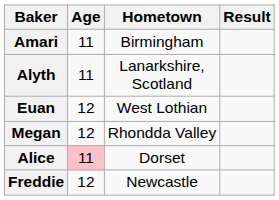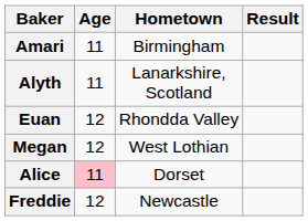 <table class="wikitable sortable" style="display:inline-table; text-align:center">
 <tr>
 <th scope="col">Baker</th>
 <th scope="col">Age</th>
 <th scope="col">Hometown</th>
 <th scope="col">Result</th>
 </tr>
 <tr>
 <th scope="row">Amari</th>
 <td>11</td>
 <td>Birmingham</td>
 <td></td>
 </tr>
 <tr>
 <th scope="row">Alyth</th>
 <td>11</td>
 <td>Lanarkshire,<br>Scotland</td>
 <td></td>
 </tr>
 <tr>
 <th scope="row">Euan</th>
 <td>12</td>
-<td>West Lothian</td>
+<td>Rhondda Valley</td>
 <td></td>
 </tr>
 <tr>
 <th scope="row">Megan</th>
 <td>12</td>
-<td>Rhondda Valley</td>
+<td>West Lothian</td>
 <td></td>
 </tr>
 <tr>
 <th scope="row">Alice</th>
 <td style="background: pink;">11</td>
 <td>Dorset</td>
 <td></td>
 </tr>
 <tr>
 <th scope="row">Freddie</th>
 <td>12</td>
 <td>Newcastle</td>
 <td></td>
 </tr>
 </table>
